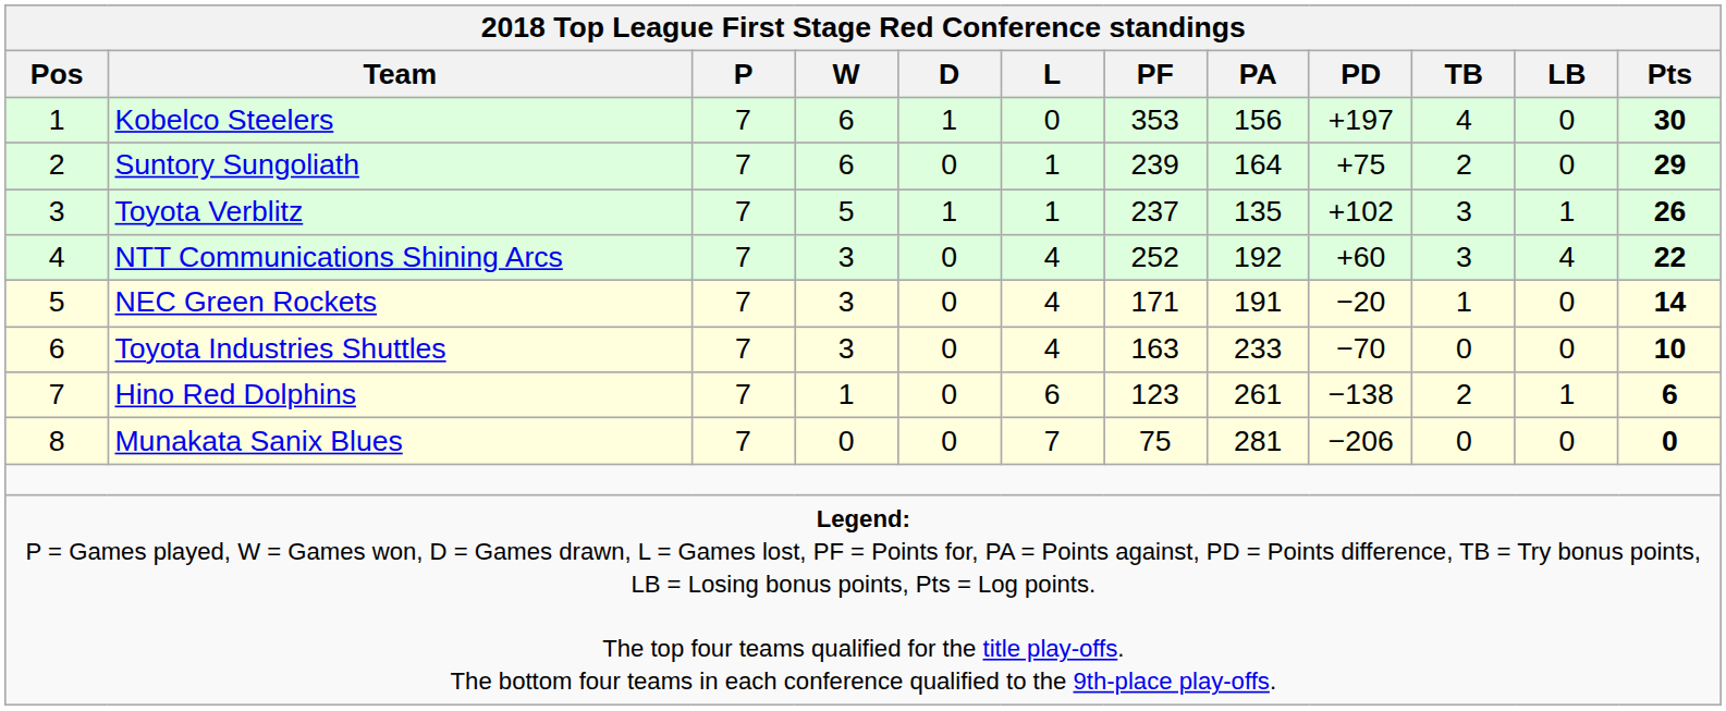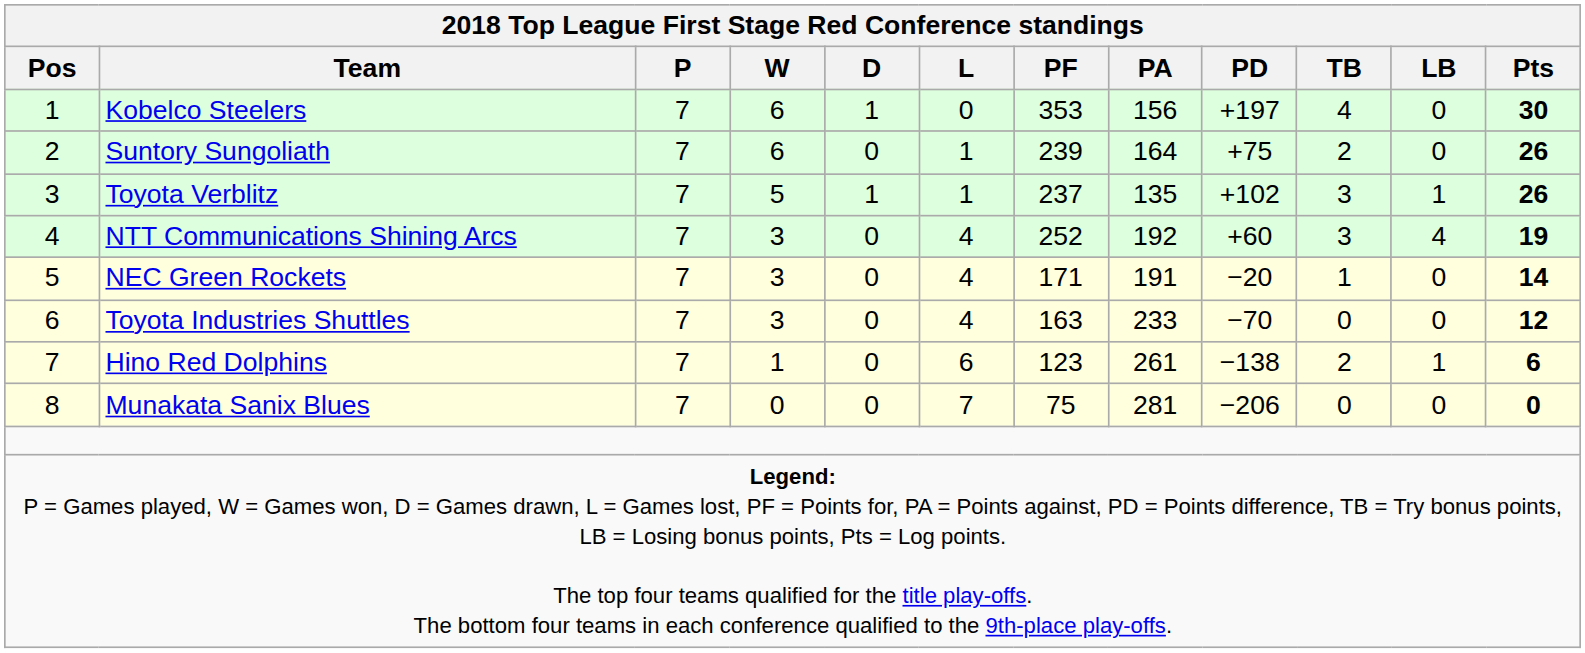 <table class="wikitable" style="text-align:center; font-size:100%; width:60%;">
 <tr>
 <th colspan="100%" cellpadding="0" cellspacing="0"><strong>2018 Top League First Stage Red Conference standings</strong></th>
 </tr>
 <tr>
 <th style="width:6%;">Pos</th>
 <th style="width:34%;">Team</th>
 <th style="width:6%;">P</th>
 <th style="width:6%;">W</th>
 <th style="width:6%;">D</th>
 <th style="width:6%;">L</th>
 <th style="width:6%;">PF</th>
 <th style="width:6%;">PA</th>
 <th style="width:6%;">PD</th>
 <th style="width:6%;">TB</th>
 <th style="width:6%;">LB</th>
 <th style="width:6%;">Pts<br></th>
 </tr>
 <tr style="background:#DDFFDD;">
 <td>1</td>
 <td style="text-align:left;"><a href='#'>Kobelco Steelers</a></td>
 <td>7</td>
 <td>6</td>
 <td>1</td>
 <td>0</td>
 <td>353</td>
 <td>156</td>
 <td>+197</td>
 <td>4</td>
 <td>0</td>
 <td><strong>30</strong></td>
 </tr>
 <tr style="background:#DDFFDD;">
 <td>2</td>
 <td style="text-align:left;"><a href='#'>Suntory Sungoliath</a></td>
 <td>7</td>
 <td>6</td>
 <td>0</td>
 <td>1</td>
 <td>239</td>
 <td>164</td>
 <td>+75</td>
 <td>2</td>
 <td>0</td>
-<td><strong>29</strong></td>
+<td><strong>26</strong></td>
 </tr>
 <tr style="background:#DDFFDD;">
 <td>3</td>
 <td style="text-align:left;"><a href='#'>Toyota Verblitz</a></td>
 <td>7</td>
 <td>5</td>
 <td>1</td>
 <td>1</td>
 <td>237</td>
 <td>135</td>
 <td>+102</td>
 <td>3</td>
 <td>1</td>
 <td><strong>26</strong></td>
 </tr>
 <tr style="background:#DDFFDD;">
 <td>4</td>
 <td style="text-align:left;"><a href='#'>NTT Communications Shining Arcs</a></td>
 <td>7</td>
 <td>3</td>
 <td>0</td>
 <td>4</td>
 <td>252</td>
 <td>192</td>
 <td>+60</td>
 <td>3</td>
 <td>4</td>
-<td><strong>22</strong></td>
+<td><strong>19</strong></td>
 </tr>
 <tr style="background:#FFFFDD;">
 <td>5</td>
 <td style="text-align:left;"><a href='#'>NEC Green Rockets</a></td>
 <td>7</td>
 <td>3</td>
 <td>0</td>
 <td>4</td>
 <td>171</td>
 <td>191</td>
 <td>−20</td>
 <td>1</td>
 <td>0</td>
 <td><strong>14</strong></td>
 </tr>
 <tr style="background:#FFFFDD;">
 <td>6</td>
 <td style="text-align:left;"><a href='#'>Toyota Industries Shuttles</a></td>
 <td>7</td>
 <td>3</td>
 <td>0</td>
 <td>4</td>
 <td>163</td>
 <td>233</td>
 <td>−70</td>
 <td>0</td>
 <td>0</td>
-<td><strong>10</strong></td>
+<td><strong>12</strong></td>
 </tr>
 <tr style="background:#FFFFDD;">
 <td>7</td>
 <td style="text-align:left;"><a href='#'>Hino Red Dolphins</a></td>
 <td>7</td>
 <td>1</td>
 <td>0</td>
 <td>6</td>
 <td>123</td>
 <td>261</td>
 <td>−138</td>
 <td>2</td>
 <td>1</td>
 <td><strong>6</strong></td>
 </tr>
 <tr style="background:#FFFFDD;">
 <td>8</td>
 <td style="text-align:left;"><a href='#'>Munakata Sanix Blues</a></td>
 <td>7</td>
 <td>0</td>
 <td>0</td>
 <td>7</td>
 <td>75</td>
 <td>281</td>
 <td>−206</td>
 <td>0</td>
 <td>0</td>
 <td><strong>0</strong></td>
 </tr>
 <tr>
 <td colspan="100%" style="height:10px;"></td>
 </tr>
 <tr>
 <td colspan="100%"><small><strong>Legend:</strong> <br> P = Games played, W = Games won, D = Games drawn, L = Games lost, PF = Points for, PA = Points against, PD = Points difference, TB = Try bonus points, LB = Losing bonus points, Pts = Log points. <br> <br> <span>The top four teams</span> qualified for the <a href='#'>title play-offs</a>. <br> <span>The bottom four teams in each conference</span> qualified to the <a href='#'>9th-place play-offs</a>.</small></td>
 </tr>
 </table>
